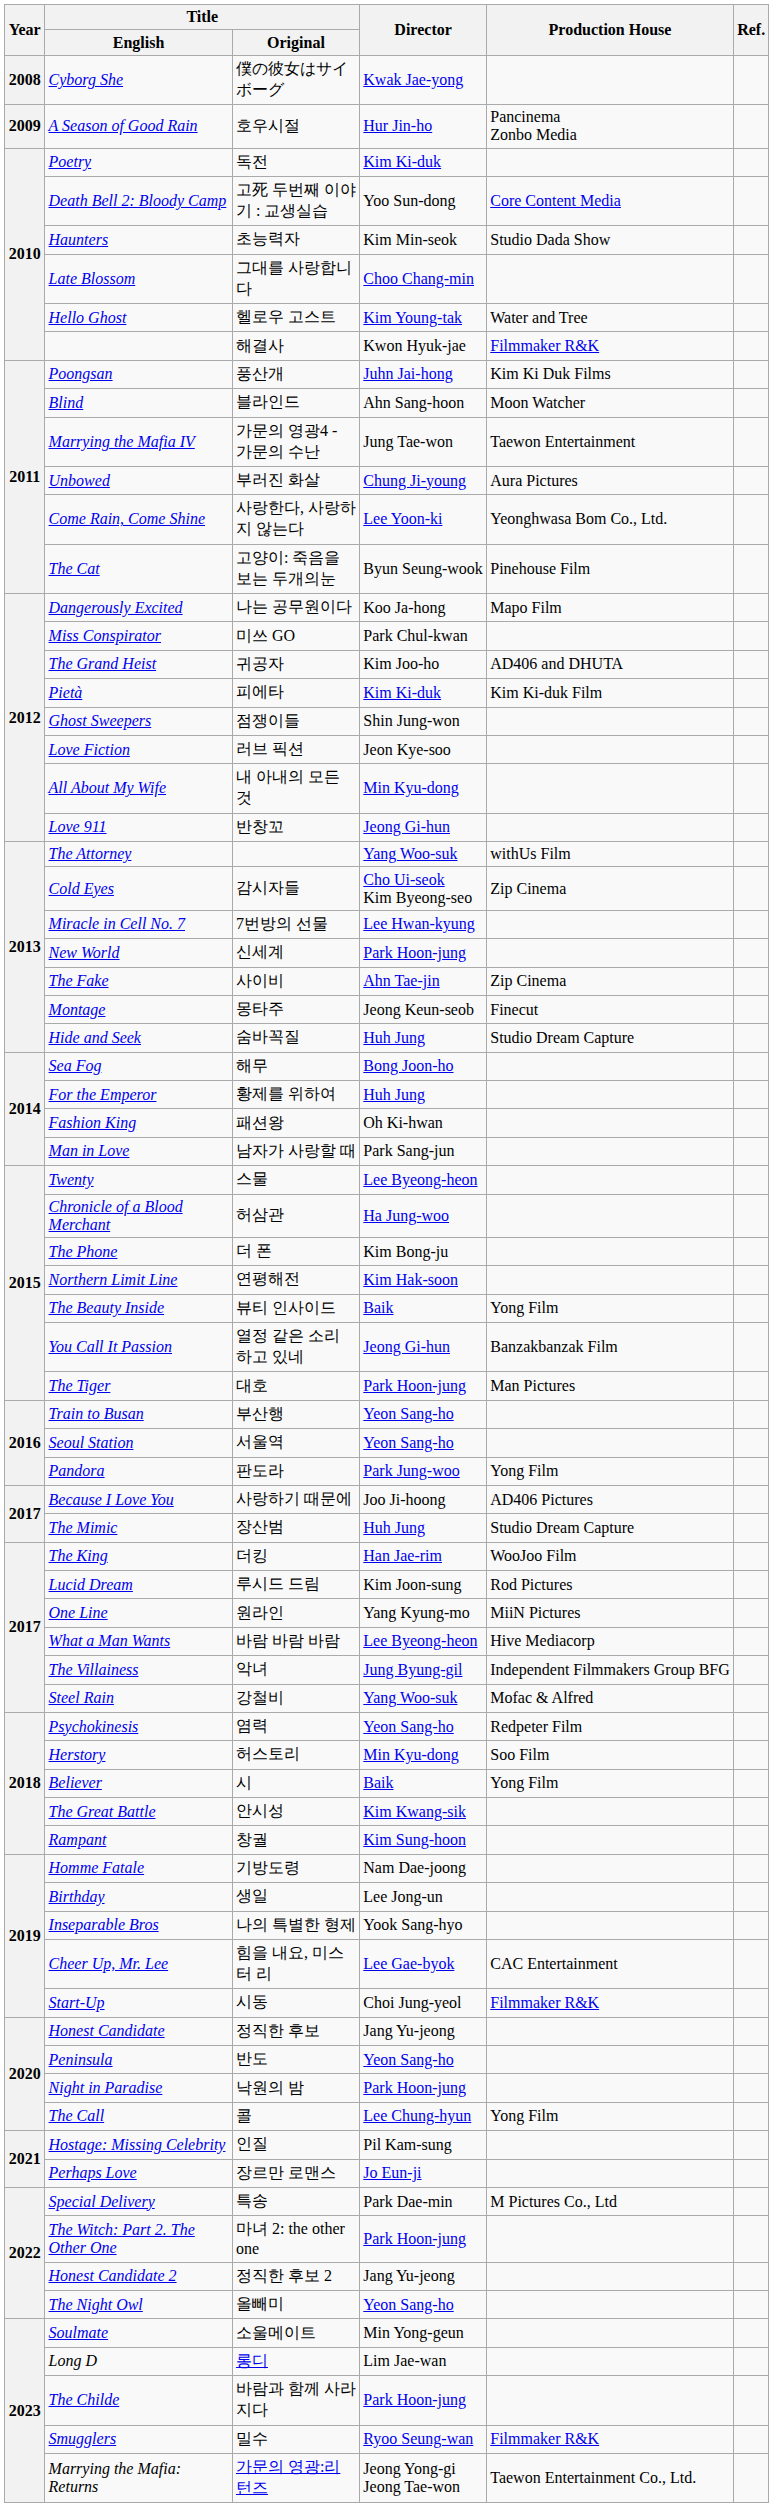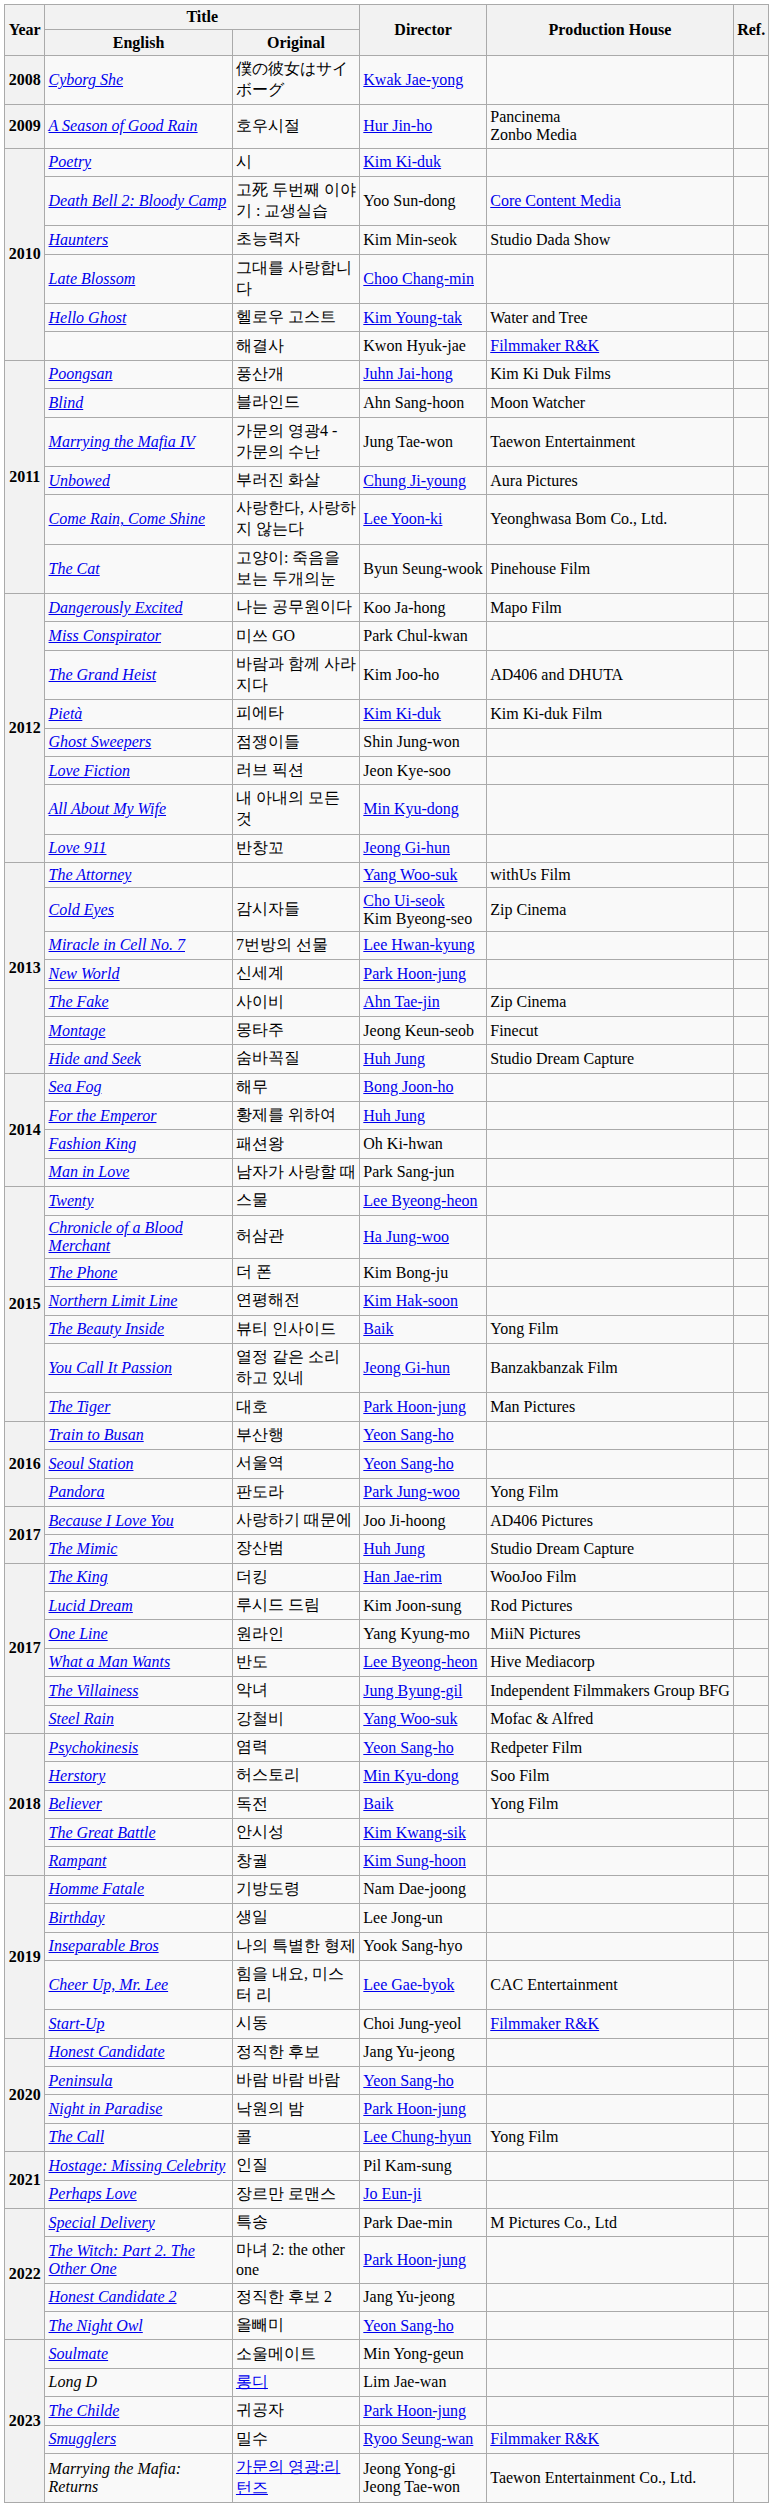 <table class="wikitable plainrowheaders sortable">
 <tr>
 <th scope="col" rowspan="2" style="width:33px;">Year</th>
 <th scope="col" colspan="2">Title</th>
 <th rowspan="2" scope="col">Director</th>
 <th rowspan="2">Production House</th>
 <th rowspan="2" scope="col">Ref.</th>
 </tr>
 <tr>
 <th width="180">English</th>
 <th width="120">Original</th>
 </tr>
 <tr>
 <th scope="row">2008</th>
 <td><em><a href='#'>Cyborg She</a></em></td>
 <td>僕の彼女はサイボーグ</td>
 <td><a href='#'>Kwak Jae-yong</a></td>
 <td></td>
 <td></td>
 </tr>
 <tr>
 <th scope="row">2009</th>
 <td><em><a href='#'>A Season of Good Rain</a></em></td>
 <td>호우시절</td>
 <td><a href='#'>Hur Jin-ho</a></td>
 <td>Pancinema<br>Zonbo Media</td>
 <td></td>
 </tr>
 <tr>
 <th scope="row" rowspan="6">2010</th>
 <td><em><a href='#'>Poetry</a></em></td>
-<td>독전</td>
+<td>시</td>
 <td><a href='#'>Kim Ki-duk</a></td>
 <td></td>
 <td></td>
 </tr>
 <tr>
 <td><em><a href='#'>Death Bell 2: Bloody Camp</a></em></td>
 <td>고死 두번째 이야기 : 교생실습</td>
 <td>Yoo Sun-dong</td>
 <td><a href='#'>Core Content Media</a></td>
 <td></td>
 </tr>
 <tr>
 <td><em><a href='#'>Haunters</a></em></td>
 <td>초능력자</td>
 <td>Kim Min-seok</td>
 <td>Studio Dada Show</td>
 <td></td>
 </tr>
 <tr>
 <td><em><a href='#'>Late Blossom</a></em></td>
 <td>그대를 사랑합니다</td>
 <td><a href='#'>Choo Chang-min</a></td>
 <td></td>
 <td></td>
 </tr>
 <tr>
 <td><em><a href='#'>Hello Ghost</a></em></td>
 <td>헬로우 고스트</td>
 <td><a href='#'>Kim Young-tak</a></td>
 <td>Water and Tree</td>
 <td></td>
 </tr>
 <tr>
 <td><em></em></td>
 <td>해결사</td>
 <td>Kwon Hyuk-jae</td>
 <td><a href='#'>Filmmaker R&K</a></td>
 <td></td>
 </tr>
 <tr>
 <th scope="row" rowspan="6">2011</th>
 <td><em><a href='#'>Poongsan</a></em></td>
 <td>풍산개</td>
 <td><a href='#'>Juhn Jai-hong</a></td>
 <td>Kim Ki Duk Films</td>
 <td></td>
 </tr>
 <tr>
 <td><em><a href='#'>Blind</a></em></td>
 <td>블라인드</td>
 <td>Ahn Sang-hoon</td>
 <td>Moon Watcher</td>
 <td></td>
 </tr>
 <tr>
 <td><em><a href='#'>Marrying the Mafia IV</a></em></td>
 <td>가문의 영광4 - 가문의 수난</td>
 <td>Jung Tae-won</td>
 <td>Taewon Entertainment</td>
 <td></td>
 </tr>
 <tr>
 <td><em><a href='#'>Unbowed</a></em></td>
 <td>부러진 화살</td>
 <td><a href='#'>Chung Ji-young</a></td>
 <td>Aura Pictures</td>
 <td></td>
 </tr>
 <tr>
 <td><em><a href='#'>Come Rain, Come Shine</a></em></td>
 <td>사랑한다, 사랑하지 않는다</td>
 <td><a href='#'>Lee Yoon-ki</a></td>
 <td>Yeonghwasa Bom Co., Ltd.</td>
 <td></td>
 </tr>
 <tr>
 <td><em><a href='#'>The Cat</a></em></td>
 <td>고양이: 죽음을보는 두개의눈</td>
 <td>Byun Seung-wook</td>
 <td>Pinehouse Film</td>
 <td></td>
 </tr>
 <tr>
 <th rowspan="8" scope="row">2012</th>
 <td><em><a href='#'>Dangerously Excited</a></em></td>
 <td>나는 공무원이다</td>
 <td>Koo Ja-hong</td>
 <td>Mapo Film</td>
 <td></td>
 </tr>
 <tr>
 <td><em><a href='#'>Miss Conspirator</a></em></td>
 <td>미쓰 GO</td>
 <td>Park Chul-kwan</td>
 <td></td>
 <td></td>
 </tr>
 <tr>
 <td><em><a href='#'>The Grand Heist</a></em></td>
-<td>귀공자</td>
+<td>바람과 함께 사라지다</td>
 <td>Kim Joo-ho</td>
 <td>AD406 and DHUTA</td>
 <td></td>
 </tr>
 <tr>
 <td><em><a href='#'>Pietà</a></em></td>
 <td>피에타</td>
 <td><a href='#'>Kim Ki-duk</a></td>
 <td>Kim Ki-duk Film</td>
 <td></td>
 </tr>
 <tr>
 <td><em><a href='#'>Ghost Sweepers</a></em></td>
 <td>점쟁이들</td>
 <td>Shin Jung-won</td>
 <td></td>
 <td></td>
 </tr>
 <tr>
 <td><em><a href='#'>Love Fiction</a></em></td>
 <td>러브 픽션</td>
 <td>Jeon Kye-soo</td>
 <td></td>
 <td></td>
 </tr>
 <tr>
 <td><em><a href='#'>All About My Wife</a></em></td>
 <td>내 아내의 모든 것</td>
 <td><a href='#'>Min Kyu-dong</a></td>
 <td></td>
 <td></td>
 </tr>
 <tr>
 <td><em><a href='#'>Love 911</a></em></td>
 <td>반창꼬</td>
 <td><a href='#'>Jeong Gi-hun</a></td>
 <td></td>
 <td></td>
 </tr>
 <tr>
 <th rowspan="7" scope="row">2013</th>
 <td><em><a href='#'>The Attorney</a></em></td>
 <td></td>
 <td><a href='#'>Yang Woo-suk</a></td>
 <td>withUs Film</td>
 <td></td>
 </tr>
 <tr>
 <td><em><a href='#'>Cold Eyes</a></em></td>
 <td>감시자들</td>
 <td><a href='#'>Cho Ui-seok</a><br>Kim Byeong-seo</td>
 <td>Zip Cinema</td>
 <td></td>
 </tr>
 <tr>
 <td><em><a href='#'>Miracle in Cell No. 7</a></em></td>
 <td>7번방의 선물</td>
 <td><a href='#'>Lee Hwan-kyung</a></td>
 <td></td>
 <td></td>
 </tr>
 <tr>
 <td><em><a href='#'>New World</a></em></td>
 <td>신세계</td>
 <td><a href='#'>Park Hoon-jung</a></td>
 <td></td>
 <td></td>
 </tr>
 <tr>
 <td><em><a href='#'>The Fake</a></em></td>
 <td>사이비</td>
 <td><a href='#'>Ahn Tae-jin</a></td>
 <td>Zip Cinema</td>
 <td></td>
 </tr>
 <tr>
 <td><em><a href='#'>Montage</a></em></td>
 <td>몽타주</td>
 <td>Jeong Keun-seob</td>
 <td>Finecut</td>
 <td></td>
 </tr>
 <tr>
 <td><em><a href='#'>Hide and Seek</a></em></td>
 <td>숨바꼭질</td>
 <td><a href='#'>Huh Jung</a></td>
 <td>Studio Dream Capture</td>
 <td></td>
 </tr>
 <tr>
 <th rowspan="4" scope="row">2014</th>
 <td><em><a href='#'>Sea Fog</a></em></td>
 <td>해무</td>
 <td><a href='#'>Bong Joon-ho</a></td>
 <td></td>
 <td></td>
 </tr>
 <tr>
 <td><em><a href='#'>For the Emperor</a></em></td>
 <td>황제를 위하여</td>
 <td><a href='#'>Huh Jung</a></td>
 <td></td>
 <td></td>
 </tr>
 <tr>
 <td><em><a href='#'>Fashion King</a></em></td>
 <td>패션왕</td>
 <td>Oh Ki-hwan</td>
 <td></td>
 <td></td>
 </tr>
 <tr>
 <td><em><a href='#'>Man in Love</a></em></td>
 <td>남자가 사랑할 때</td>
 <td>Park Sang-jun</td>
 <td></td>
 <td></td>
 </tr>
 <tr>
 <th rowspan="7" scope="row">2015</th>
 <td><em><a href='#'>Twenty</a></em></td>
 <td>스물</td>
 <td><a href='#'>Lee Byeong-heon</a></td>
 <td></td>
 <td></td>
 </tr>
 <tr>
 <td><em><a href='#'>Chronicle of a Blood Merchant</a></em></td>
 <td>허삼관</td>
 <td><a href='#'>Ha Jung-woo</a></td>
 <td></td>
 <td></td>
 </tr>
 <tr>
 <td><em><a href='#'>The Phone</a></em></td>
 <td>더 폰</td>
 <td>Kim Bong-ju</td>
 <td></td>
 <td></td>
 </tr>
 <tr>
 <td><em><a href='#'>Northern Limit Line</a></em></td>
 <td>연평해전</td>
 <td><a href='#'>Kim Hak-soon</a></td>
 <td></td>
 <td></td>
 </tr>
 <tr>
 <td><em><a href='#'>The Beauty Inside</a></em></td>
 <td>뷰티 인사이드</td>
 <td><a href='#'>Baik</a></td>
 <td>Yong Film</td>
 <td></td>
 </tr>
 <tr>
 <td><em><a href='#'>You Call It Passion</a></em></td>
 <td>열정 같은 소리 하고 있네</td>
 <td><a href='#'>Jeong Gi-hun</a></td>
 <td>Banzakbanzak Film</td>
 <td></td>
 </tr>
 <tr>
 <td><em><a href='#'>The Tiger</a></em></td>
 <td>대호</td>
 <td><a href='#'>Park Hoon-jung</a></td>
 <td>Man Pictures</td>
 <td></td>
 </tr>
 <tr>
 <th rowspan="3" scope="row">2016</th>
 <td><em><a href='#'>Train to Busan</a></em></td>
 <td>부산행</td>
 <td><a href='#'>Yeon Sang-ho</a></td>
 <td></td>
 <td></td>
 </tr>
 <tr>
 <td><em><a href='#'>Seoul Station</a></em></td>
 <td>서울역</td>
 <td><a href='#'>Yeon Sang-ho</a></td>
 <td></td>
 <td></td>
 </tr>
 <tr>
 <td><em><a href='#'>Pandora</a></em></td>
 <td>판도라</td>
 <td><a href='#'>Park Jung-woo</a></td>
 <td>Yong Film</td>
 <td></td>
 </tr>
 <tr>
 <th rowspan="2" scope="row">2017</th>
 <td><em><a href='#'>Because I Love You</a></em></td>
 <td>사랑하기 때문에</td>
 <td>Joo Ji-hoong</td>
 <td>AD406 Pictures</td>
 <td></td>
 </tr>
 <tr>
 <td><em><a href='#'>The Mimic</a></em></td>
 <td>장산범</td>
 <td><a href='#'>Huh Jung</a></td>
 <td>Studio Dream Capture</td>
 <td></td>
 </tr>
 <tr>
 <th rowspan="6" scope="row">2017</th>
 <td><em><a href='#'>The King</a></em></td>
 <td>더킹</td>
 <td><a href='#'>Han Jae-rim</a></td>
 <td>WooJoo Film</td>
 <td></td>
 </tr>
 <tr>
 <td><em><a href='#'>Lucid Dream</a></em></td>
 <td>루시드 드림</td>
 <td>Kim Joon-sung</td>
 <td>Rod Pictures</td>
 <td></td>
 </tr>
 <tr>
 <td><em><a href='#'>One Line</a></em></td>
 <td>원라인</td>
 <td>Yang Kyung-mo</td>
 <td>MiiN Pictures</td>
 <td></td>
 </tr>
 <tr>
 <td><em><a href='#'>What a Man Wants</a></em></td>
-<td>바람 바람 바람</td>
+<td>반도</td>
 <td><a href='#'>Lee Byeong-heon</a></td>
 <td>Hive Mediacorp</td>
 <td></td>
 </tr>
 <tr>
 <td><em><a href='#'>The Villainess</a></em></td>
 <td>악녀</td>
 <td><a href='#'>Jung Byung-gil</a></td>
 <td>Independent Filmmakers Group BFG</td>
 <td></td>
 </tr>
 <tr>
 <td><em><a href='#'>Steel Rain</a></em></td>
 <td>강철비</td>
 <td><a href='#'>Yang Woo-suk</a></td>
 <td>Mofac & Alfred</td>
 <td></td>
 </tr>
 <tr>
 <th rowspan="5" scope="row">2018</th>
 <td><em><a href='#'>Psychokinesis</a></em></td>
 <td>염력</td>
 <td><a href='#'>Yeon Sang-ho</a></td>
 <td>Redpeter Film</td>
 <td></td>
 </tr>
 <tr>
 <td><em><a href='#'>Herstory</a></em></td>
 <td>허스토리</td>
 <td><a href='#'>Min Kyu-dong</a></td>
 <td>Soo Film</td>
 <td></td>
 </tr>
 <tr>
 <td><em><a href='#'>Believer</a></em></td>
-<td>시</td>
+<td>독전</td>
 <td><a href='#'>Baik</a></td>
 <td>Yong Film</td>
 <td></td>
 </tr>
 <tr>
 <td><em><a href='#'>The Great Battle</a></em></td>
 <td>안시성</td>
 <td><a href='#'>Kim Kwang-sik</a></td>
 <td></td>
 <td></td>
 </tr>
 <tr>
 <td><em><a href='#'>Rampant</a></em></td>
 <td>창궐</td>
 <td><a href='#'>Kim Sung-hoon</a></td>
 <td></td>
 <td></td>
 </tr>
 <tr>
 <th rowspan="5" scope="row">2019</th>
 <td><em><a href='#'>Homme Fatale</a></em></td>
 <td>기방도령</td>
 <td>Nam Dae-joong</td>
 <td></td>
 <td></td>
 </tr>
 <tr>
 <td><em><a href='#'>Birthday</a></em></td>
 <td>생일</td>
 <td>Lee Jong-un</td>
 <td></td>
 <td></td>
 </tr>
 <tr>
 <td><em><a href='#'>Inseparable Bros</a></em></td>
 <td>나의 특별한 형제</td>
 <td>Yook Sang-hyo</td>
 <td></td>
 <td></td>
 </tr>
 <tr>
 <td><em><a href='#'>Cheer Up, Mr. Lee</a></em></td>
 <td>힘을 내요, 미스터 리</td>
 <td><a href='#'>Lee Gae-byok</a></td>
 <td>CAC Entertainment</td>
 <td></td>
 </tr>
 <tr>
 <td><em><a href='#'>Start-Up</a></em></td>
 <td>시동</td>
 <td>Choi Jung-yeol</td>
 <td><a href='#'>Filmmaker R&K</a></td>
 <td></td>
 </tr>
 <tr>
 <th rowspan="4" scope="row">2020</th>
 <td><em><a href='#'>Honest Candidate</a> </em></td>
 <td>정직한 후보</td>
 <td>Jang Yu-jeong</td>
 <td></td>
 <td></td>
 </tr>
 <tr>
 <td><em><a href='#'>Peninsula</a></em></td>
-<td>반도</td>
+<td>바람 바람 바람</td>
 <td><a href='#'>Yeon Sang-ho</a></td>
 <td></td>
 <td></td>
 </tr>
 <tr>
 <td><em><a href='#'>Night in Paradise</a></em></td>
 <td>낙원의 밤</td>
 <td><a href='#'>Park Hoon-jung</a></td>
 <td></td>
 <td></td>
 </tr>
 <tr>
 <td><em><a href='#'>The Call</a></em></td>
 <td>콜</td>
 <td><a href='#'>Lee Chung-hyun</a></td>
 <td>Yong Film</td>
 <td></td>
 </tr>
 <tr>
 <th rowspan="2" scope="row">2021</th>
 <td><em><a href='#'>Hostage: Missing Celebrity</a></em></td>
 <td>인질</td>
 <td>Pil Kam-sung</td>
 <td></td>
 <td></td>
 </tr>
 <tr>
 <td><em><a href='#'>Perhaps Love</a></em></td>
 <td>장르만 로맨스</td>
 <td><a href='#'>Jo Eun-ji</a></td>
 <td></td>
 <td></td>
 </tr>
 <tr>
 <th rowspan="4" scope="row">2022</th>
 <td><em><a href='#'>Special Delivery</a></em></td>
 <td>특송</td>
 <td>Park Dae-min</td>
 <td>M Pictures Co., Ltd</td>
 <td></td>
 </tr>
 <tr>
 <td><em><a href='#'>The Witch: Part 2. The Other One</a></em></td>
 <td>마녀 2: the other one</td>
 <td><a href='#'>Park Hoon-jung</a></td>
 <td></td>
 <td></td>
 </tr>
 <tr>
 <td><em><a href='#'>Honest Candidate 2</a></em></td>
 <td>정직한 후보 2</td>
 <td>Jang Yu-jeong</td>
 <td></td>
 <td></td>
 </tr>
 <tr>
 <td><em><a href='#'>The Night Owl</a></em></td>
 <td>올빼미</td>
 <td><a href='#'>Yeon Sang-ho</a></td>
 <td></td>
 <td></td>
 </tr>
 <tr>
 <th rowspan="5" scope="row">2023</th>
 <td><em><a href='#'>Soulmate</a></em></td>
 <td>소울메이트</td>
 <td>Min Yong-geun</td>
 <td></td>
 <td></td>
 </tr>
 <tr>
 <td><em>Long D</em></td>
 <td><a href='#'>롱디</a></td>
 <td>Lim Jae-wan</td>
 <td></td>
 <td></td>
 </tr>
 <tr>
 <td><em><a href='#'>The Childe</a></em></td>
-<td>바람과 함께 사라지다</td>
+<td>귀공자</td>
 <td><a href='#'>Park Hoon-jung</a></td>
 <td></td>
 <td></td>
 </tr>
 <tr>
 <td><em><a href='#'>Smugglers</a></em></td>
 <td>밀수</td>
 <td><a href='#'>Ryoo Seung-wan</a></td>
 <td><a href='#'>Filmmaker R&K</a></td>
 <td></td>
 </tr>
 <tr>
 <td><em>Marrying the Mafia: Returns</em></td>
 <td><a href='#'>가문의 영광:리턴즈</a></td>
 <td>Jeong Yong-gi<br>Jeong Tae-won</td>
 <td>Taewon Entertainment Co., Ltd.</td>
 <td></td>
 </tr>
 </table>
